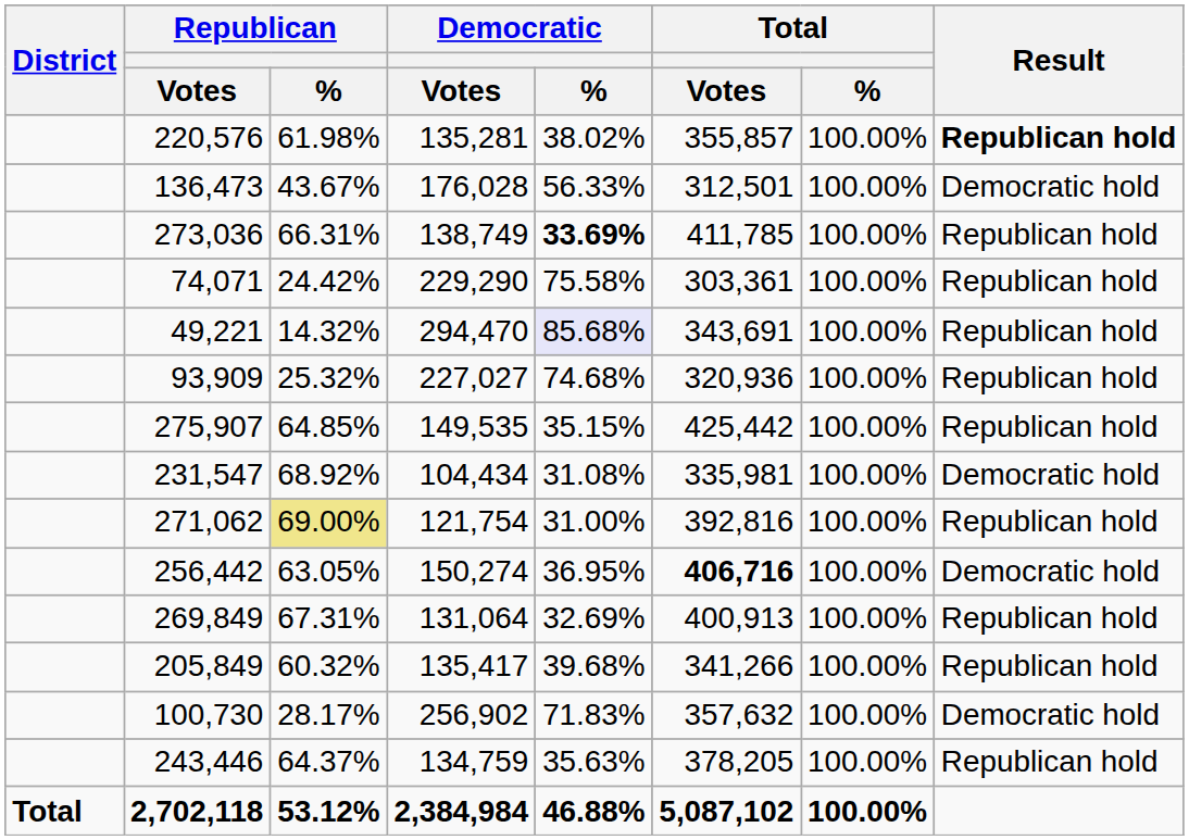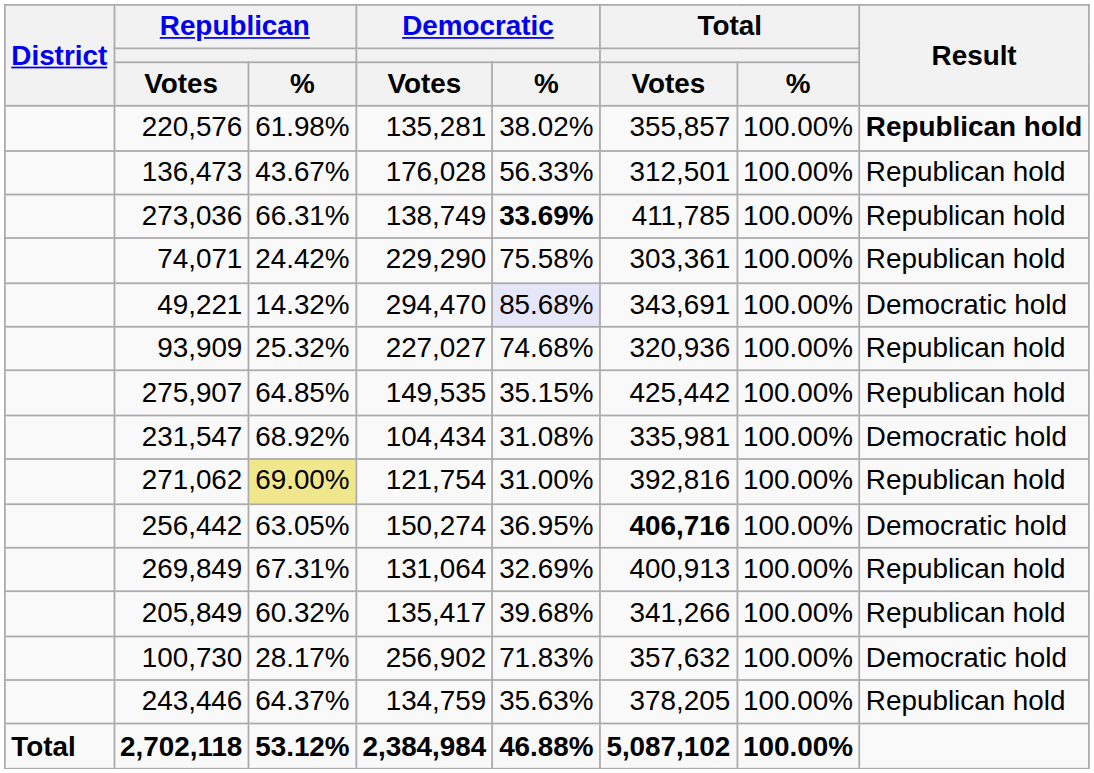 <table class="wikitable plainrowheaders sortable" style="font-size:100%; text-align:right;">
 <tr>
 <th scope=col rowspan=3><a href='#'>District</a></th>
 <th scope=col colspan=2><a href='#'>Republican</a></th>
 <th scope=col colspan=2><a href='#'>Democratic</a></th>
 <th scope=col colspan=2>Total</th>
 <th scope=col rowspan=3>Result</th>
 </tr>
 <tr>
 <th scope=col colspan=2 style="background:"></th>
 <th scope=col colspan=2 style="background:"></th>
 <th scope=col colspan=2></th>
 </tr>
 <tr>
 <th scope=col data-sort-type="number">Votes</th>
 <th scope=col data-sort-type="number">%</th>
 <th scope=col data-sort-type="number">Votes</th>
 <th scope=col data-sort-type="number">%</th>
 <th scope=col data-sort-type="number">Votes</th>
 <th scope=col data-sort-type="number">%</th>
 </tr>
 <tr>
 <td align=left></td>
 <td>220,576</td>
 <td>61.98%</td>
 <td>135,281</td>
 <td>38.02%</td>
 <td>355,857</td>
 <td>100.00%</td>
 <td align=left><strong>Republican hold</strong></td>
 </tr>
 <tr>
 <td align=left></td>
 <td>136,473</td>
 <td>43.67%</td>
 <td>176,028</td>
 <td>56.33%</td>
 <td>312,501</td>
 <td>100.00%</td>
-<td align=left>Democratic hold</td>
+<td align=left>Republican hold</td>
 </tr>
 <tr>
 <td align=left></td>
 <td>273,036</td>
 <td>66.31%</td>
 <td>138,749</td>
 <td><strong>33.69%</strong></td>
 <td>411,785</td>
 <td>100.00%</td>
 <td align=left>Republican hold</td>
 </tr>
 <tr>
 <td align=left></td>
 <td>74,071</td>
 <td>24.42%</td>
 <td>229,290</td>
 <td>75.58%</td>
 <td>303,361</td>
 <td>100.00%</td>
 <td align=left>Republican hold</td>
 </tr>
 <tr>
 <td align=left></td>
 <td>49,221</td>
 <td>14.32%</td>
 <td>294,470</td>
 <td style="background: lavender;">85.68%</td>
 <td>343,691</td>
 <td>100.00%</td>
-<td align=left>Republican hold</td>
+<td align=left>Democratic hold</td>
 </tr>
 <tr>
 <td align=left></td>
 <td>93,909</td>
 <td>25.32%</td>
 <td>227,027</td>
 <td>74.68%</td>
 <td>320,936</td>
 <td>100.00%</td>
 <td align=left>Republican hold</td>
 </tr>
 <tr>
 <td align=left></td>
 <td>275,907</td>
 <td>64.85%</td>
 <td>149,535</td>
 <td>35.15%</td>
 <td>425,442</td>
 <td>100.00%</td>
 <td align=left>Republican hold</td>
 </tr>
 <tr>
 <td align=left></td>
 <td>231,547</td>
 <td>68.92%</td>
 <td>104,434</td>
 <td>31.08%</td>
 <td>335,981</td>
 <td>100.00%</td>
 <td align=left>Democratic hold</td>
 </tr>
 <tr>
 <td align=left></td>
 <td>271,062</td>
 <td style="background: khaki;">69.00%</td>
 <td>121,754</td>
 <td>31.00%</td>
 <td>392,816</td>
 <td>100.00%</td>
 <td align=left>Republican hold</td>
 </tr>
 <tr>
 <td align=left></td>
 <td>256,442</td>
 <td>63.05%</td>
 <td>150,274</td>
 <td>36.95%</td>
 <td><strong>406,716</strong></td>
 <td>100.00%</td>
 <td align=left>Democratic hold</td>
 </tr>
 <tr>
 <td align=left></td>
 <td>269,849</td>
 <td>67.31%</td>
 <td>131,064</td>
 <td>32.69%</td>
 <td>400,913</td>
 <td>100.00%</td>
 <td align=left>Republican hold</td>
 </tr>
 <tr>
 <td align=left></td>
 <td>205,849</td>
 <td>60.32%</td>
 <td>135,417</td>
 <td>39.68%</td>
 <td>341,266</td>
 <td>100.00%</td>
 <td align=left>Republican hold</td>
 </tr>
 <tr>
 <td align=left></td>
 <td>100,730</td>
 <td>28.17%</td>
 <td>256,902</td>
 <td>71.83%</td>
 <td>357,632</td>
 <td>100.00%</td>
 <td align=left>Democratic hold</td>
 </tr>
 <tr>
 <td align=left></td>
 <td>243,446</td>
 <td>64.37%</td>
 <td>134,759</td>
 <td>35.63%</td>
 <td>378,205</td>
 <td>100.00%</td>
 <td align=left>Republican hold</td>
 </tr>
 <tr class="sortbottom" style="font-weight:bold">
 <td align=left>Total</td>
 <td>2,702,118</td>
 <td>53.12%</td>
 <td>2,384,984</td>
 <td>46.88%</td>
 <td>5,087,102</td>
 <td>100.00%</td>
 <td></td>
 </tr>
 </table>
